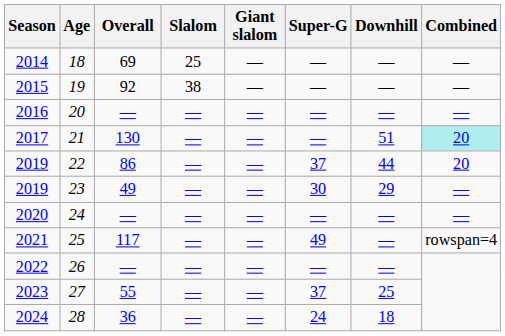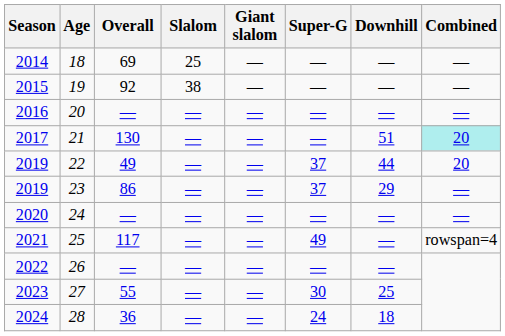 <table class=wikitable style="text-align:center">
 <tr>
 <th>Season</th>
 <th>Age</th>
 <th> Overall </th>
 <th> Slalom </th>
 <th>Giant<br> slalom </th>
 <th>Super-G</th>
 <th>Downhill</th>
 <th>Combined</th>
 </tr>
 <tr>
 <td><a href='#'>2014</a></td>
 <td><em>18</em></td>
 <td>69</td>
 <td>25</td>
 <td>—</td>
 <td>—</td>
 <td>—</td>
 <td>—</td>
 </tr>
 <tr>
 <td><a href='#'>2015</a></td>
 <td><em>19</em></td>
 <td>92</td>
 <td>38</td>
 <td>—</td>
 <td>—</td>
 <td>—</td>
 <td>—</td>
 </tr>
 <tr>
 <td><a href='#'>2016</a></td>
 <td><em>20</em></td>
 <td><a href='#'>—</a></td>
 <td><a href='#'>—</a></td>
 <td><a href='#'>—</a></td>
 <td><a href='#'>—</a></td>
 <td><a href='#'>—</a></td>
 <td><a href='#'>—</a></td>
 </tr>
 <tr>
 <td><a href='#'>2017</a></td>
 <td><em>21</em></td>
 <td><a href='#'>130</a></td>
 <td><a href='#'>—</a></td>
 <td><a href='#'>—</a></td>
 <td><a href='#'>—</a></td>
 <td><a href='#'>51</a></td>
 <td style="background: paleturquoise;"><a href='#'>20</a></td>
 </tr>
 <tr>
 <td><a href='#'>2019</a></td>
 <td><em>22</em></td>
-<td><a href='#'>86</a></td>
+<td><a href='#'>49</a></td>
 <td><a href='#'>—</a></td>
 <td><a href='#'>—</a></td>
 <td><a href='#'>37</a></td>
 <td><a href='#'>44</a></td>
 <td><a href='#'>20</a></td>
 </tr>
 <tr>
 <td><a href='#'>2019</a></td>
 <td><em>23</em></td>
-<td><a href='#'>49</a></td>
+<td><a href='#'>86</a></td>
 <td><a href='#'>—</a></td>
 <td><a href='#'>—</a></td>
-<td><a href='#'>30</a></td>
+<td><a href='#'>37</a></td>
 <td><a href='#'>29</a></td>
 <td><a href='#'>—</a></td>
 </tr>
 <tr>
 <td><a href='#'>2020</a></td>
 <td><em>24</em></td>
 <td><a href='#'>—</a></td>
 <td><a href='#'>—</a></td>
 <td><a href='#'>—</a></td>
 <td><a href='#'>—</a></td>
 <td><a href='#'>—</a></td>
 <td><a href='#'>—</a></td>
 </tr>
 <tr>
 <td><a href='#'>2021</a></td>
 <td><em>25</em></td>
 <td><a href='#'>117</a></td>
 <td><a href='#'>—</a></td>
 <td><a href='#'>—</a></td>
 <td><a href='#'>49</a></td>
 <td><a href='#'>—</a></td>
 <td>rowspan=4 </td>
 </tr>
 <tr>
 <td><a href='#'>2022</a></td>
 <td><em>26</em></td>
 <td><a href='#'>—</a></td>
 <td><a href='#'>—</a></td>
 <td><a href='#'>—</a></td>
 <td><a href='#'>—</a></td>
 <td><a href='#'>—</a></td>
 </tr>
 <tr>
 <td><a href='#'>2023</a></td>
 <td><em>27</em></td>
 <td><a href='#'>55</a></td>
 <td><a href='#'>—</a></td>
 <td><a href='#'>—</a></td>
-<td><a href='#'>37</a></td>
+<td><a href='#'>30</a></td>
 <td><a href='#'>25</a></td>
 </tr>
 <tr>
 <td><a href='#'>2024</a></td>
 <td><em>28</em></td>
 <td><a href='#'>36</a></td>
 <td><a href='#'>—</a></td>
 <td><a href='#'>—</a></td>
 <td><a href='#'>24</a></td>
 <td><a href='#'>18</a></td>
 </tr>
 </table>
